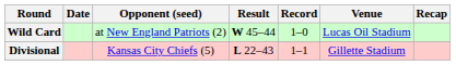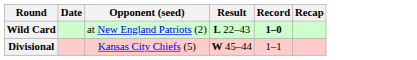 <table class="wikitable" style="text-align:center">
 <tr>
 <th>Round</th>
 <th>Date</th>
 <th>Opponent (seed)</th>
 <th>Result</th>
 <th>Record</th>
-<th>Venue</th>
 <th>Recap</th>
 </tr>
 <tr style="background:#cfc">
 <th>Wild Card</th>
 <td></td>
 <td>at <a href='#'>New England Patriots</a> (2)</td>
-<td><strong>W</strong> 45–44</td>
-<td>1–0</td>
-<td><a href='#'>Lucas Oil Stadium</a></td>
+<td><strong>L</strong> 22–43</td>
+<td><strong>1–0</strong></td>
 <td></td>
 </tr>
 <tr style="background:#fcc">
 <th>Divisional</th>
 <td></td>
 <td><a href='#'>Kansas City Chiefs</a> (5)</td>
-<td><strong>L</strong> 22–43</td>
+<td><strong>W</strong> 45–44</td>
 <td>1–1</td>
-<td><a href='#'>Gillette Stadium</a></td>
 <td></td>
 </tr>
 </table>
